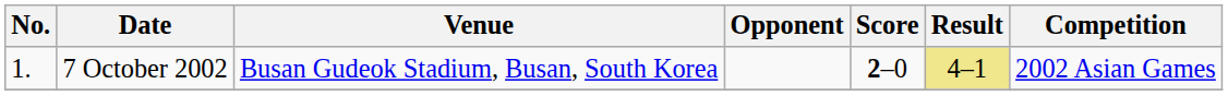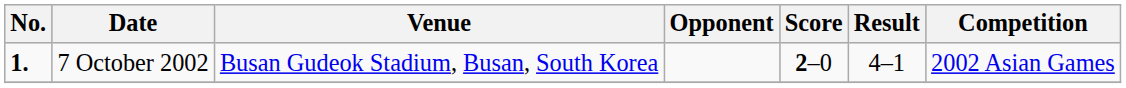 <table class="wikitable">
 <tr>
 <th>No.</th>
 <th>Date</th>
 <th>Venue</th>
 <th>Opponent</th>
 <th>Score</th>
 <th>Result</th>
 <th>Competition</th>
 </tr>
 <tr>
-<td>1.</td>
+<td><strong>1.</strong></td>
 <td>7 October 2002</td>
 <td><a href='#'>Busan Gudeok Stadium</a>, <a href='#'>Busan</a>, <a href='#'>South Korea</a></td>
 <td></td>
 <td align=center><strong>2</strong>–0</td>
-<td align=center style="background: khaki;">4–1</td>
+<td align=center>4–1</td>
 <td><a href='#'>2002 Asian Games</a></td>
 </tr>
 <tr>
 </tr>
 </table>
